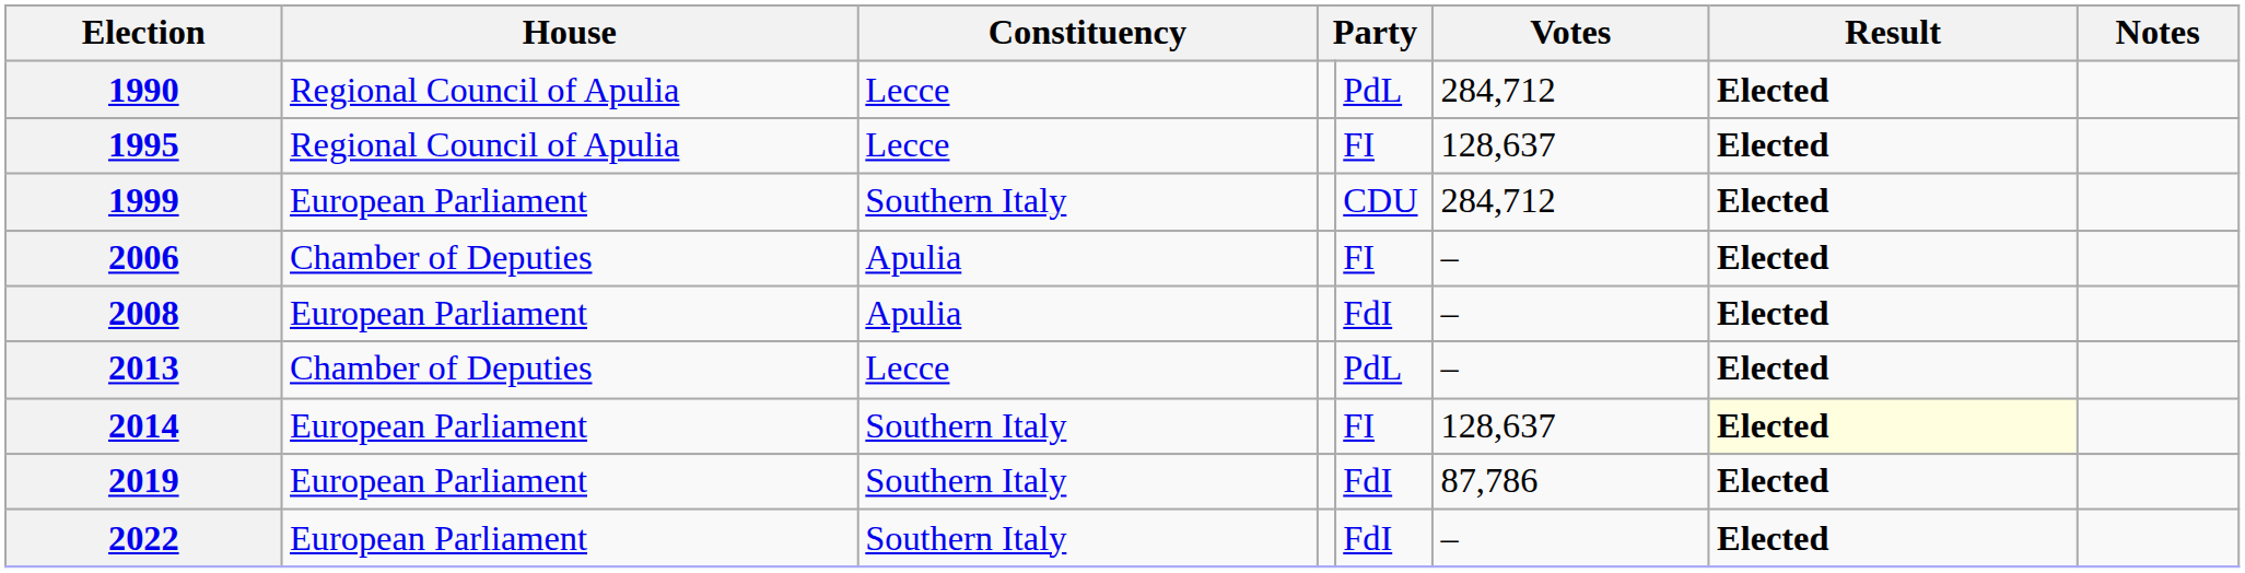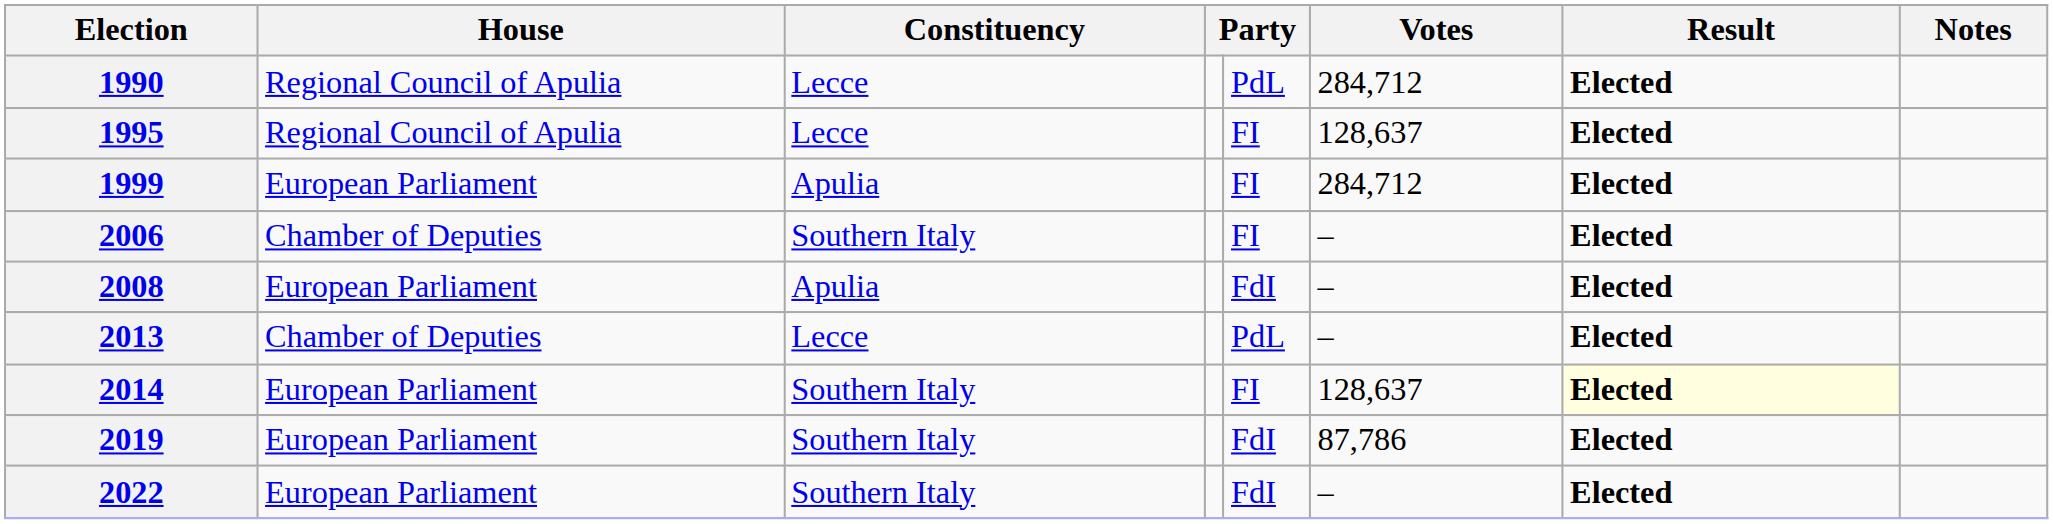 <table class=wikitable style="width:51%; border:1px #AAAAFF solid">
 <tr>
 <th width=12%>Election</th>
 <th width=25%>House</th>
 <th width=20%>Constituency</th>
 <th width=5% colspan="2">Party</th>
 <th width=12%>Votes</th>
 <th width=16%>Result</th>
 <th width=7%>Notes</th>
 </tr>
 <tr>
 <th><a href='#'>1990</a></th>
 <td><a href='#'>Regional Council of Apulia</a></td>
 <td><a href='#'>Lecce</a></td>
 <td></td>
 <td><a href='#'>PdL</a></td>
 <td>284,712</td>
 <td> <strong>Elected</strong></td>
 <td></td>
 </tr>
 <tr>
 <th><a href='#'>1995</a></th>
 <td><a href='#'>Regional Council of Apulia</a></td>
 <td><a href='#'>Lecce</a></td>
 <td></td>
 <td><a href='#'>FI</a></td>
 <td>128,637</td>
 <td> <strong>Elected</strong></td>
 <td></td>
 </tr>
 <tr>
 <th><a href='#'>1999</a></th>
 <td><a href='#'>European Parliament</a></td>
-<td><a href='#'>Southern Italy</a></td>
+<td><a href='#'>Apulia</a></td>
 <td></td>
-<td><a href='#'>CDU</a></td>
+<td><a href='#'>FI</a></td>
 <td>284,712</td>
 <td> <strong>Elected</strong></td>
 <td></td>
 </tr>
 <tr>
 <th><a href='#'>2006</a></th>
 <td><a href='#'>Chamber of Deputies</a></td>
-<td><a href='#'>Apulia</a></td>
+<td><a href='#'>Southern Italy</a></td>
 <td></td>
 <td><a href='#'>FI</a></td>
 <td>–</td>
 <td> <strong>Elected</strong></td>
 <td></td>
 </tr>
 <tr>
 <th><a href='#'>2008</a></th>
 <td><a href='#'>European Parliament</a></td>
 <td><a href='#'>Apulia</a></td>
 <td></td>
 <td><a href='#'>FdI</a></td>
 <td>–</td>
 <td> <strong>Elected</strong></td>
 <td></td>
 </tr>
 <tr>
 <th><a href='#'>2013</a></th>
 <td><a href='#'>Chamber of Deputies</a></td>
 <td><a href='#'>Lecce</a></td>
 <td></td>
 <td><a href='#'>PdL</a></td>
 <td>–</td>
 <td> <strong>Elected</strong></td>
 <td></td>
 </tr>
 <tr>
 <th><a href='#'>2014</a></th>
 <td><a href='#'>European Parliament</a></td>
 <td><a href='#'>Southern Italy</a></td>
 <td></td>
 <td><a href='#'>FI</a></td>
 <td>128,637</td>
 <td style="background: lightyellow;"> <strong>Elected</strong></td>
 <td></td>
 </tr>
 <tr>
 <th><a href='#'>2019</a></th>
 <td><a href='#'>European Parliament</a></td>
 <td><a href='#'>Southern Italy</a></td>
 <td></td>
 <td><a href='#'>FdI</a></td>
 <td>87,786</td>
 <td> <strong>Elected</strong></td>
 <td></td>
 </tr>
 <tr>
 <th><a href='#'>2022</a></th>
 <td><a href='#'>European Parliament</a></td>
 <td><a href='#'>Southern Italy</a></td>
 <td></td>
 <td><a href='#'>FdI</a></td>
 <td>–</td>
 <td> <strong>Elected</strong></td>
 <td></td>
 </tr>
 <tr>
 </tr>
 </table>
